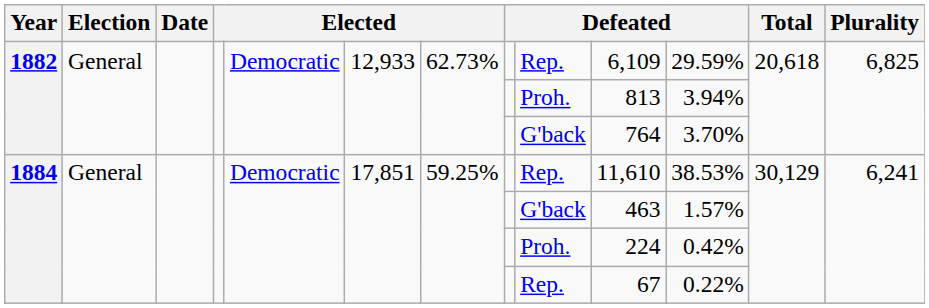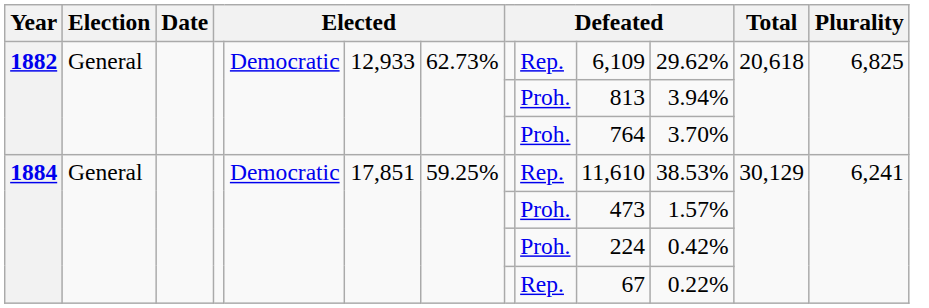 <table class=wikitable>
 <tr>
 <th>Year</th>
 <th>Election</th>
 <th>Date</th>
 <th ! colspan="4">Elected</th>
 <th ! colspan="4">Defeated</th>
 <th>Total</th>
 <th>Plurality</th>
 </tr>
 <tr>
 <th rowspan="3" valign="top"><a href='#'>1882</a></th>
 <td rowspan="3" valign="top">General</td>
 <td rowspan="3" valign="top"></td>
 <td rowspan="3" valign="top"></td>
 <td rowspan="3" valign="top" ><a href='#'>Democratic</a></td>
 <td rowspan="3" valign="top" align="right">12,933</td>
 <td rowspan="3" valign="top" align="right">62.73%</td>
 <td valign="top"></td>
 <td valign="top" ><a href='#'>Rep.</a></td>
 <td valign="top" align="right">6,109</td>
-<td valign="top" align="right">29.59%</td>
+<td valign="top" align="right">29.62%</td>
 <td rowspan="3" valign="top" align="right">20,618</td>
 <td rowspan="3" valign="top" align="right">6,825</td>
 </tr>
 <tr>
 <td valign="top"></td>
 <td valign="top" ><a href='#'>Proh.</a></td>
 <td valign="top" align="right">813</td>
 <td valign="top" align="right">3.94%</td>
 </tr>
 <tr>
 <td valign="top"></td>
-<td valign="top" ><a href='#'>G'back</a></td>
+<td valign="top" ><a href='#'>Proh.</a></td>
 <td valign="top" align="right">764</td>
 <td valign="top" align="right">3.70%</td>
 </tr>
 <tr>
 <th rowspan="4" valign="top"><a href='#'>1884</a></th>
 <td rowspan="4" valign="top">General</td>
 <td rowspan="4" valign="top"></td>
 <td rowspan="4" valign="top"></td>
 <td rowspan="4" valign="top" ><a href='#'>Democratic</a></td>
 <td rowspan="4" valign="top" align="right">17,851</td>
 <td rowspan="4" valign="top" align="right">59.25%</td>
 <td valign="top"></td>
 <td valign="top" ><a href='#'>Rep.</a></td>
 <td valign="top" align="right">11,610</td>
 <td valign="top" align="right">38.53%</td>
 <td rowspan="4" valign="top" align="right">30,129</td>
 <td rowspan="4" valign="top" align="right">6,241</td>
 </tr>
 <tr>
 <td valign="top"></td>
-<td valign="top" ><a href='#'>G'back</a></td>
-<td valign="top" align="right">463</td>
+<td valign="top" ><a href='#'>Proh.</a></td>
+<td valign="top" align="right">473</td>
 <td valign="top" align="right">1.57%</td>
 </tr>
 <tr>
 <td valign="top"></td>
 <td valign="top" ><a href='#'>Proh.</a></td>
 <td valign="top" align="right">224</td>
 <td valign="top" align="right">0.42%</td>
 </tr>
 <tr>
 <td valign="top"></td>
 <td valign="top" ><a href='#'>Rep.</a></td>
 <td valign="top" align="right">67</td>
 <td valign="top" align="right">0.22%</td>
 </tr>
 </table>
